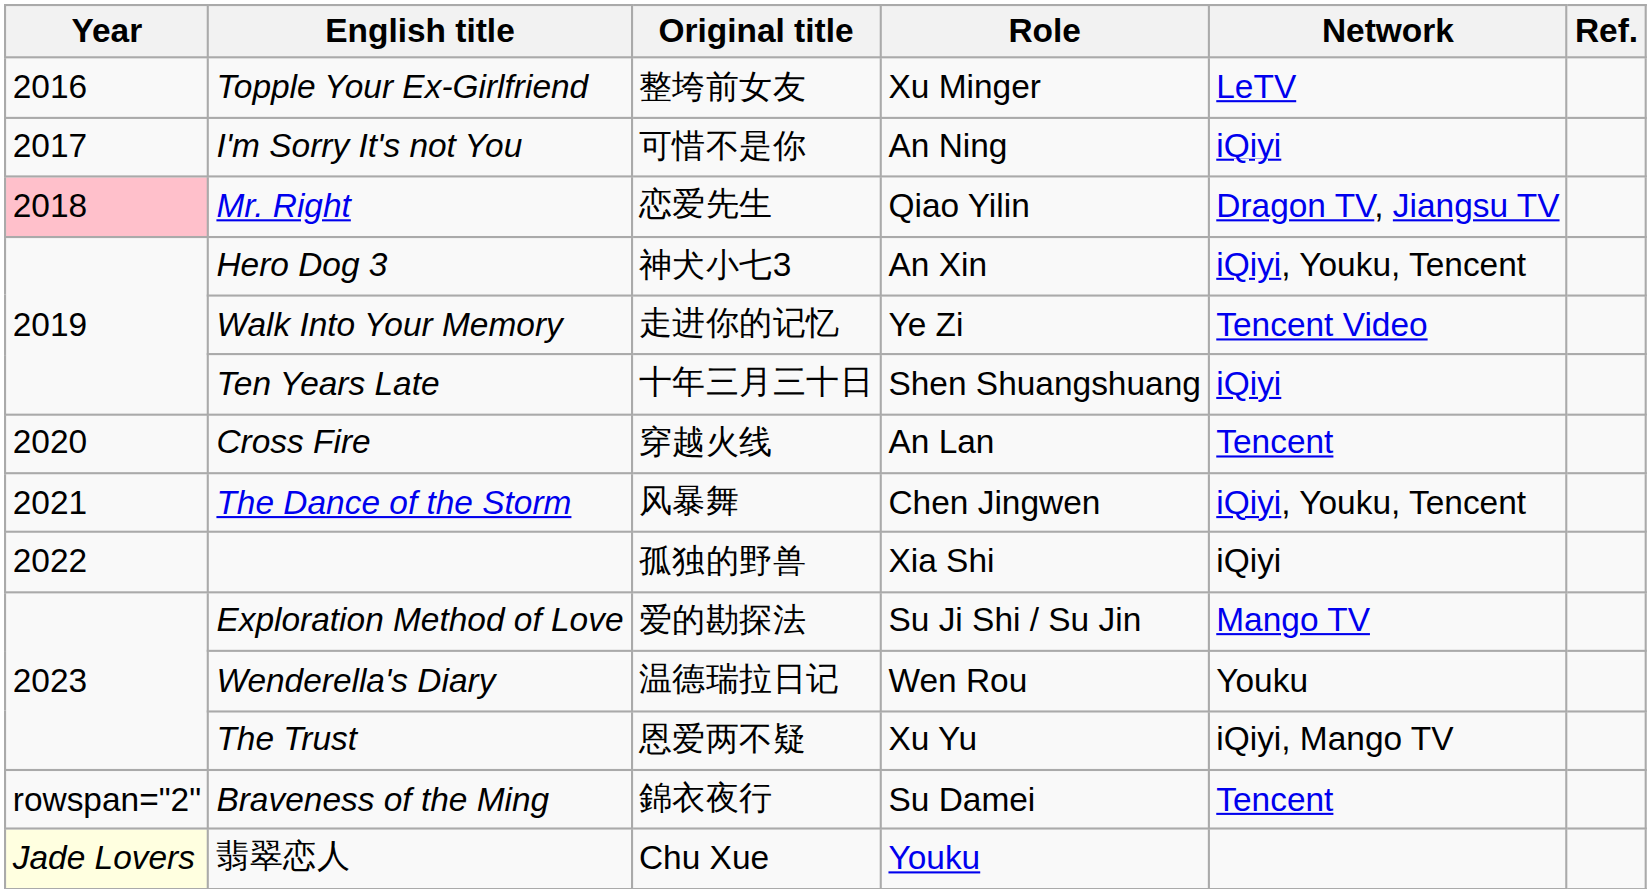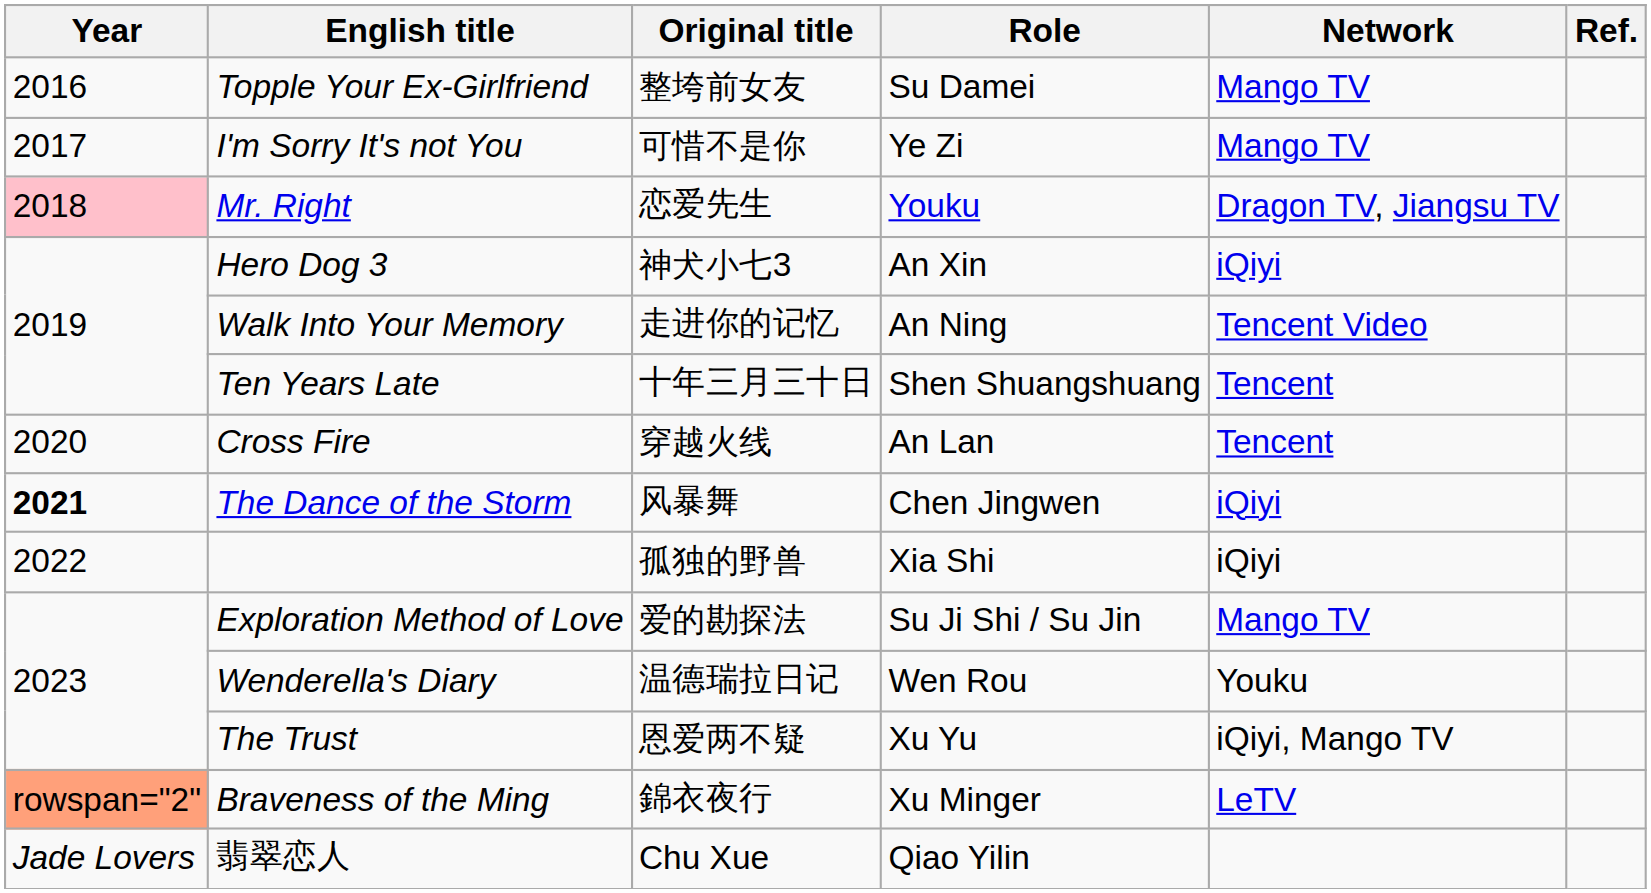 <table class="wikitable sortable plainrowheaders">
 <tr>
 <th>Year</th>
 <th>English title</th>
 <th>Original title</th>
 <th>Role</th>
 <th>Network</th>
 <th>Ref.</th>
 </tr>
 <tr>
 <td>2016</td>
 <td><em>Topple Your Ex-Girlfriend</em></td>
 <td>整垮前女友</td>
-<td>Xu Minger</td>
-<td><a href='#'>LeTV</a></td>
+<td>Su Damei</td>
+<td><a href='#'>Mango TV</a></td>
 <td></td>
 </tr>
 <tr>
 <td>2017</td>
 <td><em>I'm Sorry It's not You</em></td>
 <td>可惜不是你</td>
-<td>An Ning</td>
-<td><a href='#'>iQiyi</a></td>
+<td>Ye Zi</td>
+<td><a href='#'>Mango TV</a></td>
 <td></td>
 </tr>
 <tr>
 <td style="background: pink;">2018</td>
 <td><em><a href='#'>Mr. Right</a></em></td>
 <td>恋爱先生</td>
-<td>Qiao Yilin</td>
+<td><a href='#'>Youku</a></td>
 <td><a href='#'>Dragon TV</a>, <a href='#'>Jiangsu TV</a></td>
 <td></td>
 </tr>
 <tr>
 <td rowspan=3>2019</td>
 <td><em>Hero Dog 3</em></td>
 <td>神犬小七3</td>
 <td>An Xin</td>
-<td><a href='#'>iQiyi</a>, Youku, Tencent</td>
+<td><a href='#'>iQiyi</a></td>
 <td></td>
 </tr>
 <tr>
 <td><em>Walk Into Your Memory</em></td>
 <td>走进你的记忆</td>
-<td>Ye Zi</td>
+<td>An Ning</td>
 <td><a href='#'>Tencent Video</a></td>
 <td></td>
 </tr>
 <tr>
 <td><em>Ten Years Late</em></td>
 <td>十年三月三十日</td>
 <td>Shen Shuangshuang</td>
-<td><a href='#'>iQiyi</a></td>
+<td><a href='#'>Tencent</a></td>
 <td></td>
 </tr>
 <tr>
 <td>2020</td>
 <td><em>Cross Fire</em></td>
 <td>穿越火线</td>
 <td>An Lan</td>
 <td><a href='#'>Tencent</a></td>
 <td></td>
 </tr>
 <tr>
-<td>2021</td>
+<td><strong>2021</strong></td>
 <td><em><a href='#'>The Dance of the Storm</a></em></td>
 <td>风暴舞</td>
 <td>Chen Jingwen</td>
-<td><a href='#'>iQiyi</a>, Youku, Tencent</td>
+<td><a href='#'>iQiyi</a></td>
 <td></td>
 </tr>
 <tr>
 <td>2022</td>
 <td><em></em></td>
 <td>孤独的野兽</td>
 <td>Xia Shi</td>
 <td>iQiyi</td>
 <td></td>
 </tr>
 <tr>
 <td rowspan="3">2023</td>
 <td><em>Exploration Method of Love</em></td>
 <td>爱的勘探法</td>
 <td>Su Ji Shi / Su Jin</td>
 <td><a href='#'>Mango TV</a></td>
 <td></td>
 </tr>
 <tr>
 <td><em>Wenderella's Diary</em></td>
 <td>温德瑞拉日记</td>
 <td>Wen Rou</td>
 <td>Youku</td>
 <td></td>
 </tr>
 <tr>
 <td><em>The Trust</em></td>
 <td>恩爱两不疑</td>
 <td>Xu Yu</td>
 <td>iQiyi, Mango TV</td>
 <td></td>
 </tr>
 <tr>
-<td>rowspan="2" </td>
+<td style="background: lightsalmon;">rowspan="2" </td>
 <td><em>Braveness of the Ming</em></td>
 <td>錦衣夜行</td>
-<td>Su Damei</td>
-<td><a href='#'>Tencent</a></td>
+<td>Xu Minger</td>
+<td><a href='#'>LeTV</a></td>
 <td></td>
 </tr>
 <tr>
-<td style="background: lightyellow;"><em>Jade Lovers</em></td>
+<td><em>Jade Lovers</em></td>
 <td>翡翠恋人</td>
 <td>Chu Xue</td>
-<td><a href='#'>Youku</a></td>
+<td>Qiao Yilin</td>
 <td></td>
 </tr>
 <tr>
 </tr>
 </table>
